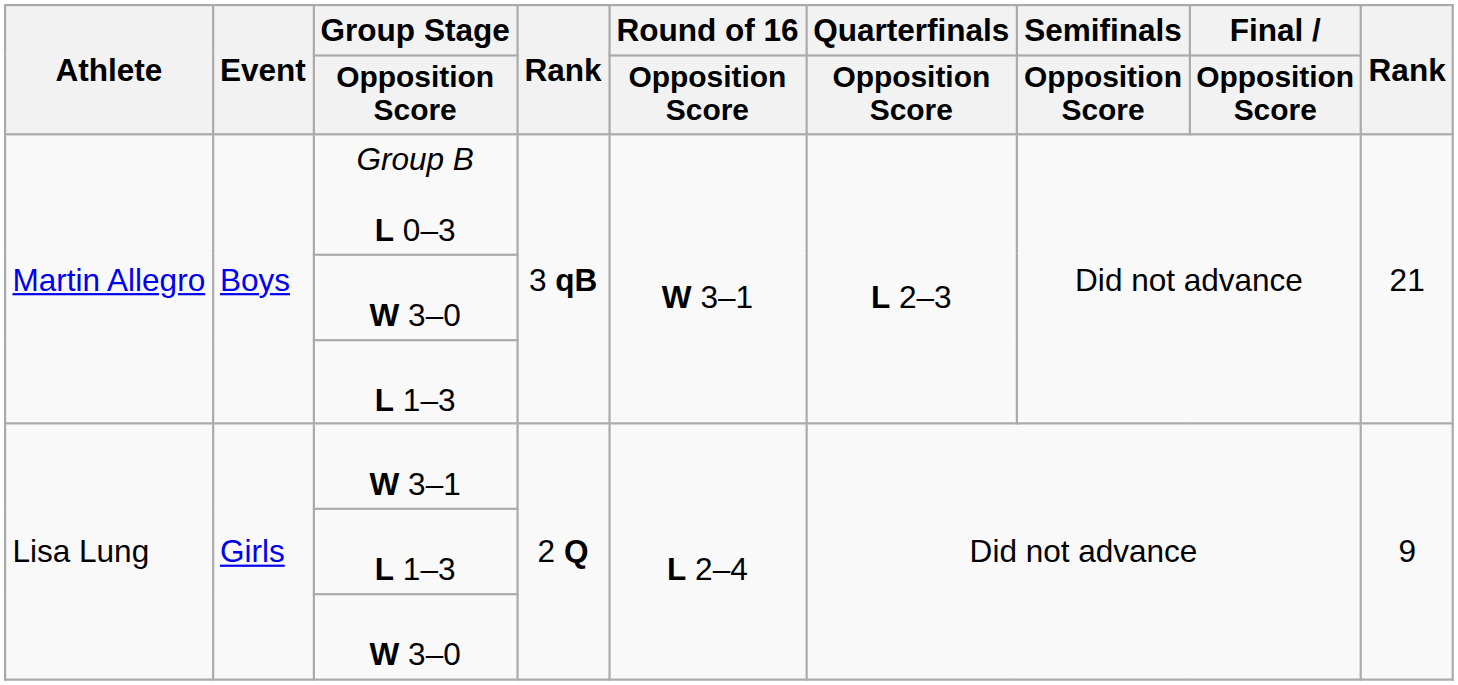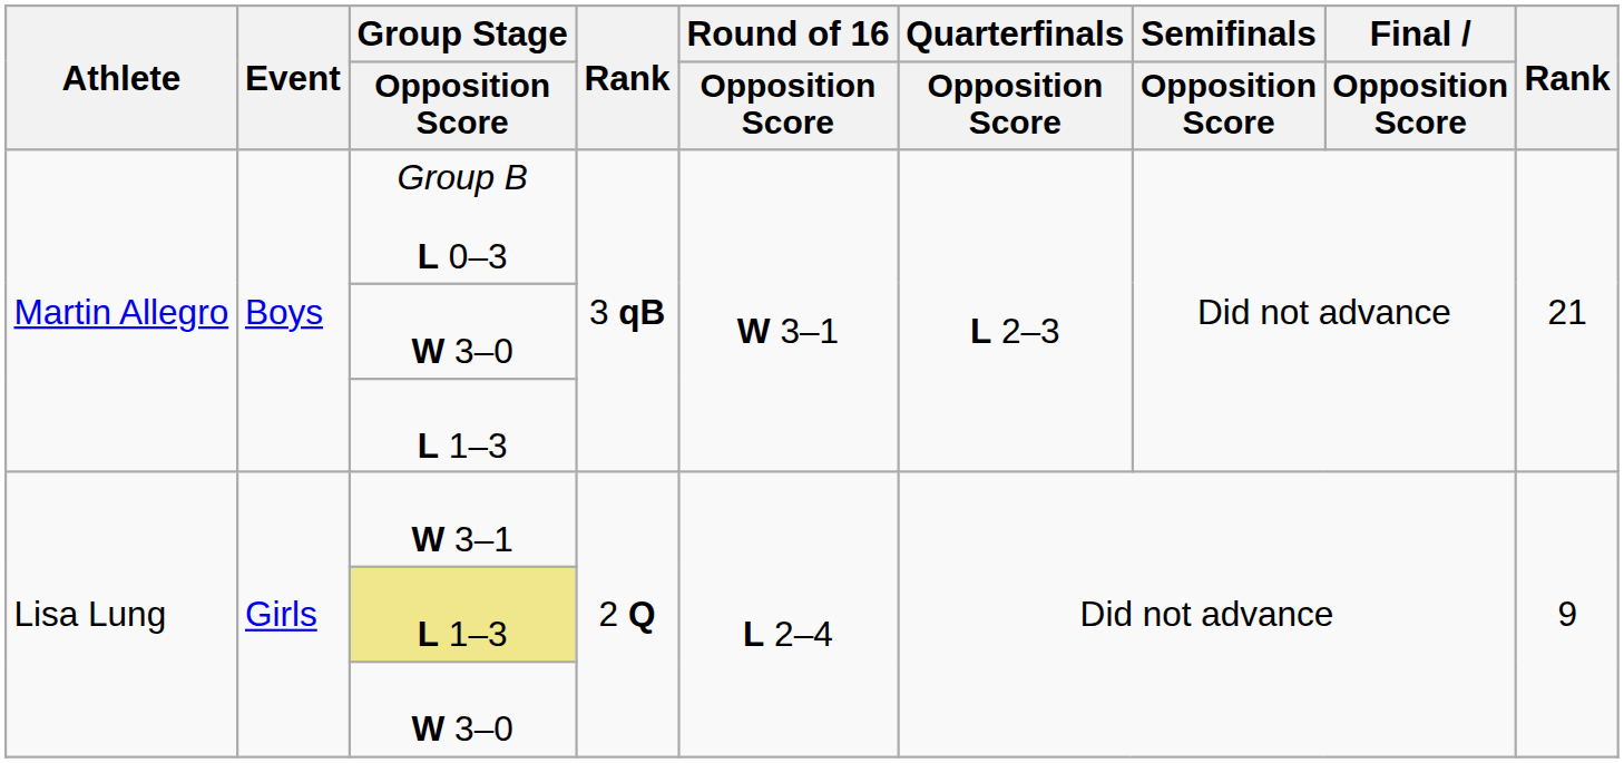 <table class=wikitable style="font-size:90%">
 <tr>
 <th rowspan="2">Athlete</th>
 <th rowspan="2">Event</th>
 <th>Group Stage</th>
 <th rowspan="2">Rank</th>
 <th>Round of 16</th>
 <th>Quarterfinals</th>
 <th>Semifinals</th>
 <th>Final / </th>
 <th rowspan=2>Rank</th>
 </tr>
 <tr style="font-size:95%">
 <th>Opposition<br>Score</th>
 <th>Opposition<br>Score</th>
 <th>Opposition<br>Score</th>
 <th>Opposition<br>Score</th>
 <th>Opposition<br>Score</th>
 </tr>
 <tr align=center>
 <td align=left rowspan=3><a href='#'>Martin Allegro</a></td>
 <td align=left rowspan=3><a href='#'>Boys</a></td>
 <td><em>Group B</em><br><br><strong>L</strong> 0–3</td>
 <td rowspan=3>3 <strong>qB</strong></td>
 <td rowspan=3><br><strong>W</strong> 3–1</td>
 <td rowspan=3><br><strong>L</strong> 2–3</td>
 <td rowspan=3 colspan=2>Did not advance</td>
 <td rowspan=3>21</td>
 </tr>
 <tr align=center>
 <td><br><strong>W</strong> 3–0</td>
 </tr>
 <tr align=center>
 <td><br><strong>L</strong> 1–3</td>
 </tr>
 <tr align=center>
 <td align=left rowspan=3>Lisa Lung</td>
 <td align=left rowspan=3><a href='#'>Girls</a></td>
 <td><br><strong>W</strong> 3–1</td>
 <td rowspan=3>2 <strong>Q</strong></td>
 <td rowspan=3><br><strong>L</strong> 2–4</td>
 <td rowspan=3 colspan=3>Did not advance</td>
 <td rowspan=3>9</td>
 </tr>
 <tr align=center>
-<td><br><strong>L</strong> 1–3</td>
+<td style="background: khaki;"><br><strong>L</strong> 1–3</td>
 </tr>
 <tr align=center>
 <td><br><strong>W</strong> 3–0</td>
 </tr>
 </table>
